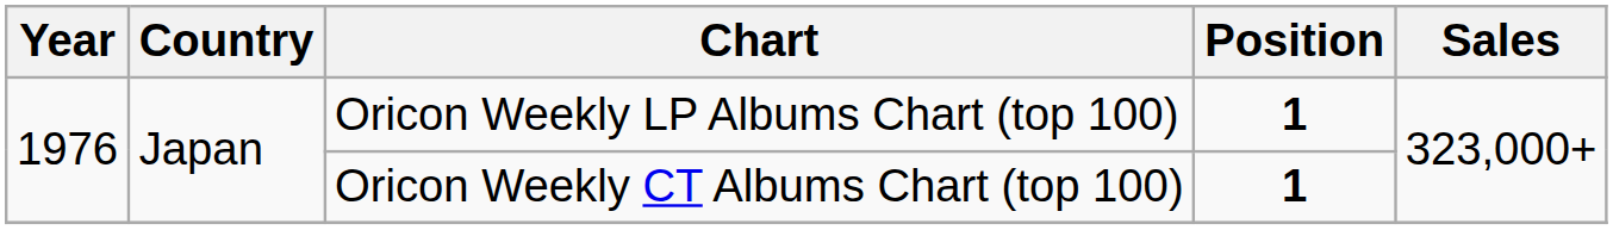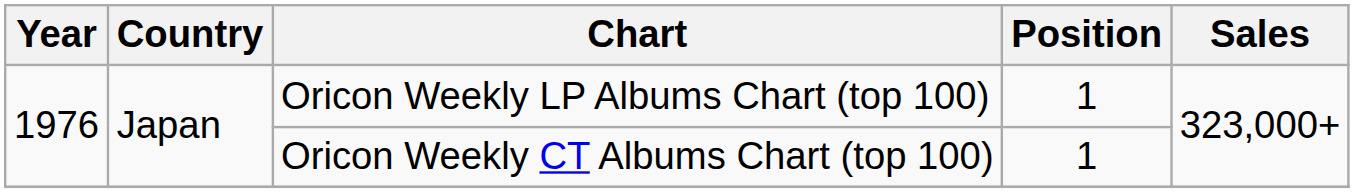 <table class="wikitable">
 <tr>
 <th>Year</th>
 <th>Country</th>
 <th>Chart</th>
 <th>Position</th>
 <th>Sales</th>
 </tr>
 <tr>
 <td rowspan=2>1976</td>
 <td rowspan=2>Japan</td>
 <td>Oricon Weekly LP Albums Chart (top 100)</td>
-<td align="center"><strong>1</strong></td>
+<td align="center">1</td>
 <td rowspan=2>323,000+</td>
 </tr>
 <tr>
 <td>Oricon Weekly <a href='#'>CT</a> Albums Chart (top 100)</td>
-<td align="center"><strong>1</strong></td>
+<td align="center">1</td>
 </tr>
 <tr>
 </tr>
 </table>
